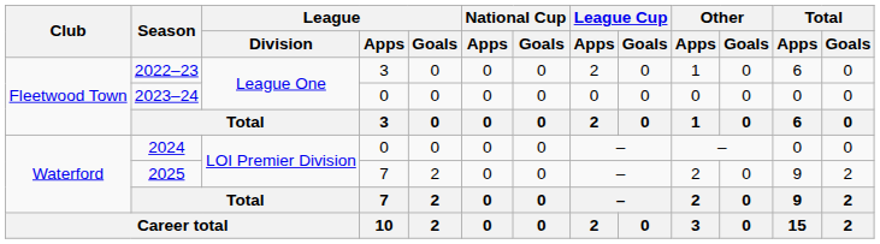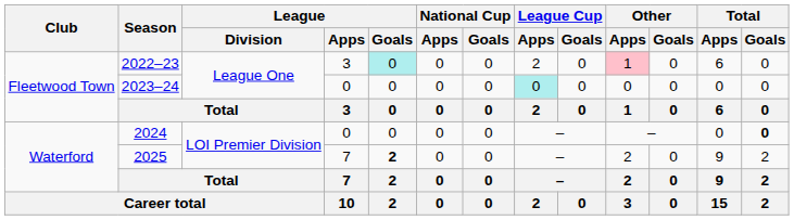 <table class=wikitable style="text-align: center;">
 <tr>
 <th rowspan=2>Club</th>
 <th rowspan=2>Season</th>
 <th colspan=3>League</th>
 <th colspan=2>National Cup</th>
 <th colspan=2><a href='#'>League Cup</a></th>
 <th colspan=2>Other</th>
 <th colspan=2>Total</th>
 </tr>
 <tr>
 <th>Division</th>
 <th>Apps</th>
 <th>Goals</th>
 <th>Apps</th>
 <th>Goals</th>
 <th>Apps</th>
 <th>Goals</th>
 <th>Apps</th>
 <th>Goals</th>
 <th>Apps</th>
 <th>Goals</th>
 </tr>
 <tr>
 <td rowspan="3"><a href='#'>Fleetwood Town</a></td>
 <td><a href='#'>2022–23</a></td>
 <td rowspan="2"><a href='#'>League One</a></td>
 <td>3</td>
-<td>0</td>
+<td style="background: paleturquoise;">0</td>
 <td>0</td>
 <td>0</td>
 <td>2</td>
 <td>0</td>
-<td>1</td>
+<td style="background: pink;">1</td>
 <td>0</td>
 <td>6</td>
 <td>0</td>
 </tr>
 <tr>
 <td><a href='#'>2023–24</a></td>
 <td>0</td>
 <td>0</td>
 <td>0</td>
 <td>0</td>
-<td>0</td>
+<td style="background: paleturquoise;">0</td>
 <td>0</td>
 <td>0</td>
 <td>0</td>
 <td>0</td>
 <td>0</td>
 </tr>
 <tr>
 <th colspan=2>Total</th>
 <th>3</th>
 <th>0</th>
 <th>0</th>
 <th>0</th>
 <th>2</th>
 <th>0</th>
 <th>1</th>
 <th>0</th>
 <th>6</th>
 <th>0</th>
 </tr>
 <tr>
 <td rowspan="3"><a href='#'>Waterford</a></td>
 <td><a href='#'>2024</a></td>
 <td rowspan="2"><a href='#'>LOI Premier Division</a></td>
 <td>0</td>
 <td>0</td>
 <td>0</td>
 <td>0</td>
 <td colspan="2">–</td>
 <td colspan="2">–</td>
 <td>0</td>
-<td>0</td>
+<td><strong>0</strong></td>
 </tr>
 <tr>
 <td><a href='#'>2025</a></td>
 <td>7</td>
-<td>2</td>
+<td><strong>2</strong></td>
 <td>0</td>
 <td>0</td>
 <td colspan="2">–</td>
 <td>2</td>
 <td>0</td>
 <td>9</td>
 <td>2</td>
 </tr>
 <tr>
 <th colspan=2>Total</th>
 <th>7</th>
 <th>2</th>
 <th>0</th>
 <th>0</th>
 <th colspan="2">–</th>
 <th>2</th>
 <th>0</th>
 <th>9</th>
 <th>2</th>
 </tr>
 <tr>
 <th colspan=3>Career total</th>
 <th>10</th>
 <th>2</th>
 <th>0</th>
 <th>0</th>
 <th>2</th>
 <th>0</th>
 <th>3</th>
 <th>0</th>
 <th>15</th>
 <th>2</th>
 </tr>
 </table>
